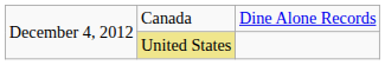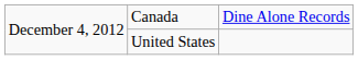 <table class=wikitable>
 <tr>
 <td rowspan="2">December 4, 2012</td>
 <td>Canada</td>
 <td><a href='#'>Dine Alone Records</a></td>
 </tr>
 <tr>
-<td style="background: khaki;">United States</td>
+<td>United States</td>
 <td></td>
 </tr>
 </table>
